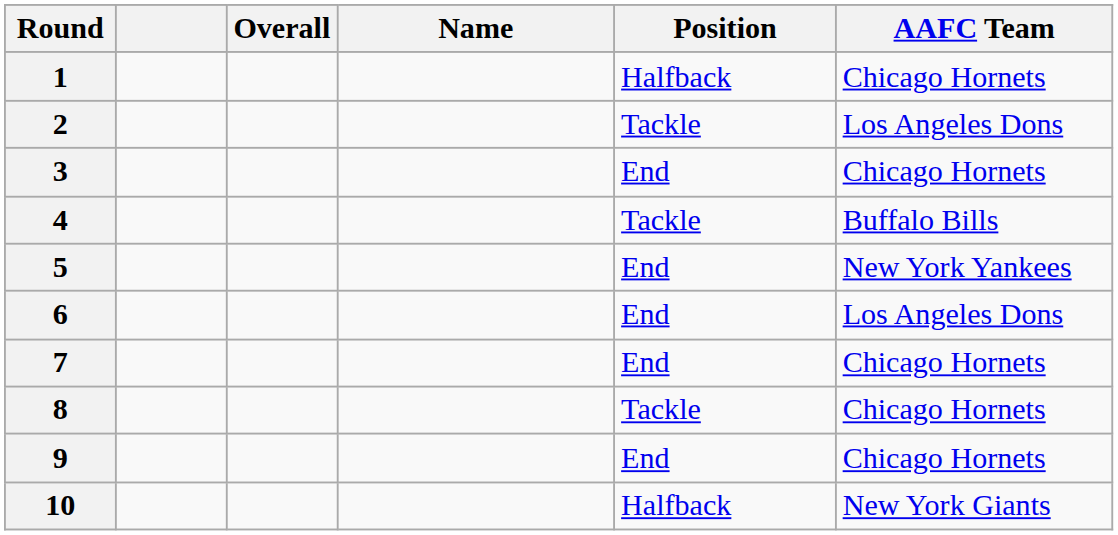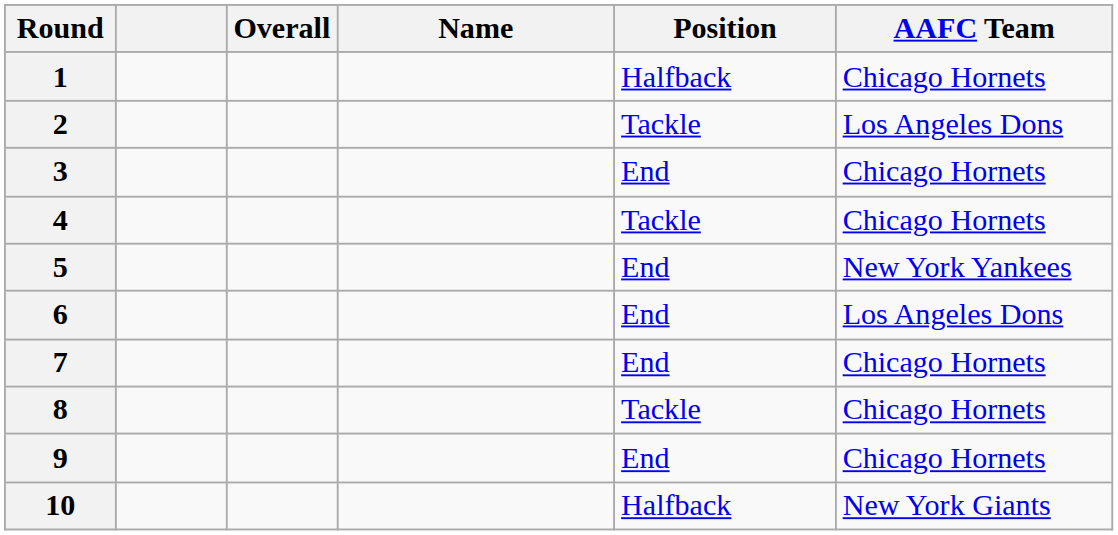 <table class="wikitable sortable">
 <tr>
 <th scope="col" style="width: 10%;">Round</th>
 <th scope="col" style="width: 10%;"></th>
 <th scope="col" style="width: 10%;">Overall</th>
 <th scope="col" style="width: 25%;">Name</th>
 <th scope="col" style="width: 20%;">Position</th>
 <th scope="col" style="width: 25%;"><a href='#'>AAFC</a> Team</th>
 </tr>
 <tr>
 <th scope="row">1</th>
 <td></td>
 <td></td>
 <td></td>
 <td><a href='#'>Halfback</a></td>
 <td><a href='#'>Chicago Hornets</a></td>
 </tr>
 <tr>
 <th scope="row">2</th>
 <td></td>
 <td></td>
 <td></td>
 <td><a href='#'>Tackle</a></td>
 <td><a href='#'>Los Angeles Dons</a></td>
 </tr>
 <tr>
 <th scope="row">3</th>
 <td></td>
 <td></td>
 <td></td>
 <td><a href='#'>End</a></td>
 <td><a href='#'>Chicago Hornets</a></td>
 </tr>
 <tr>
 <th scope="row">4</th>
 <td></td>
 <td></td>
 <td></td>
 <td><a href='#'>Tackle</a></td>
-<td><a href='#'>Buffalo Bills</a></td>
+<td><a href='#'>Chicago Hornets</a></td>
 </tr>
 <tr>
 <th scope="row">5</th>
 <td></td>
 <td></td>
 <td></td>
 <td><a href='#'>End</a></td>
 <td><a href='#'>New York Yankees</a></td>
 </tr>
 <tr>
 <th scope="row">6</th>
 <td></td>
 <td></td>
 <td></td>
 <td><a href='#'>End</a></td>
 <td><a href='#'>Los Angeles Dons</a></td>
 </tr>
 <tr>
 <th scope="row">7</th>
 <td></td>
 <td></td>
 <td></td>
 <td><a href='#'>End</a></td>
 <td><a href='#'>Chicago Hornets</a></td>
 </tr>
 <tr>
 <th scope="row">8</th>
 <td></td>
 <td></td>
 <td></td>
 <td><a href='#'>Tackle</a></td>
 <td><a href='#'>Chicago Hornets</a></td>
 </tr>
 <tr>
 <th scope="row">9</th>
 <td></td>
 <td></td>
 <td></td>
 <td><a href='#'>End</a></td>
 <td><a href='#'>Chicago Hornets</a></td>
 </tr>
 <tr>
 <th scope="row">10</th>
 <td></td>
 <td></td>
 <td></td>
 <td><a href='#'>Halfback</a></td>
 <td><a href='#'>New York Giants</a></td>
 </tr>
 </table>
